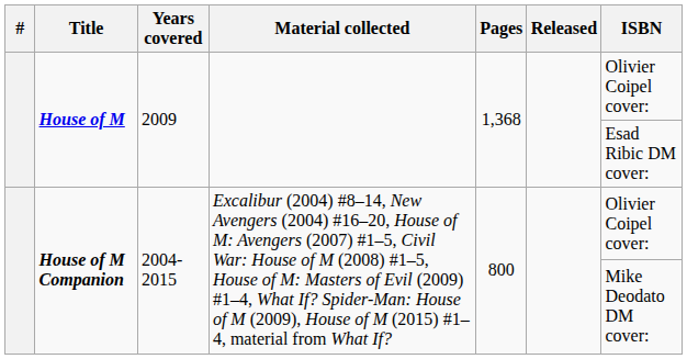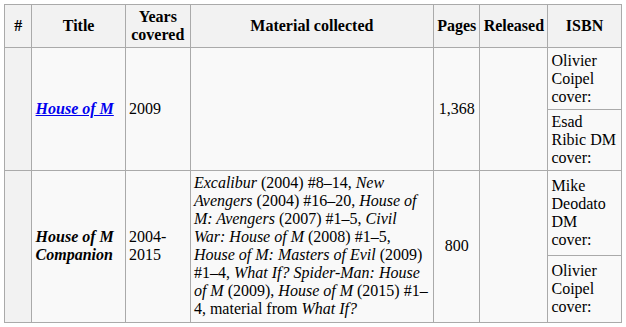 <table class="wikitable sortable" width="99%">
 <tr>
 <th class="unsortable" width="20px">#</th>
 <th>Title</th>
 <th>Years covered</th>
 <th class="unsortable">Material collected</th>
 <th>Pages</th>
 <th>Released</th>
 <th class="unsortable">ISBN</th>
 </tr>
 <tr>
 <th rowspan="2" style="background-color: light grey;"></th>
 <td rowspan="2"><strong><em><a href='#'>House of M</a></em></strong></td>
 <td rowspan="2"> 2009</td>
 <td rowspan="2"></td>
 <td rowspan="2" style="text-align: center;">1,368</td>
 <td rowspan="2"></td>
 <td>Olivier Coipel cover: </td>
 </tr>
 <tr>
 <td>Esad Ribic DM cover: </td>
 </tr>
 <tr>
 <th rowspan="2" style="background-color: light grey;"></th>
 <td rowspan="2"><strong><em>House of M Companion</em></strong></td>
 <td rowspan="2">2004-2015</td>
 <td rowspan="2"><em>Excalibur</em> (2004) #8–14, <em>New Avengers</em> (2004) #16–20, <em>House of M: Avengers</em> (2007) #1–5, <em>Civil War: House of M</em> (2008) #1–5, <em>House of M: Masters of Evil</em> (2009) #1–4, <em>What If? Spider-Man: House of M</em> (2009), <em>House of M</em> (2015) #1–4, material from <em>What If?</em></td>
 <td rowspan="2" style="text-align: center;">800</td>
 <td rowspan="2"></td>
+<td>Mike Deodato DM cover: </td>
+</tr>
+<tr>
 <td>Olivier Coipel cover: </td>
 </tr>
-<tr>
-<td>Mike Deodato DM cover: </td>
-</tr>
 </table>
